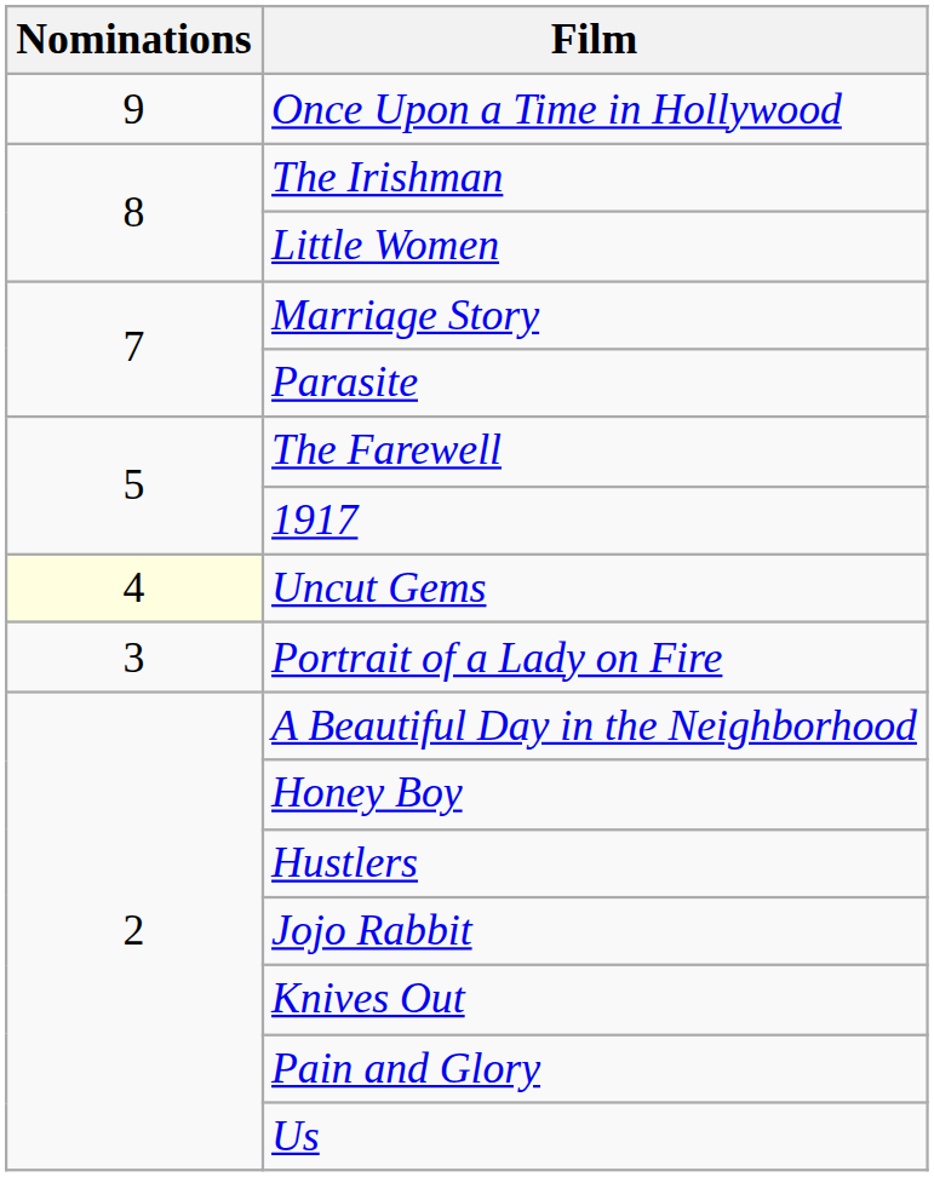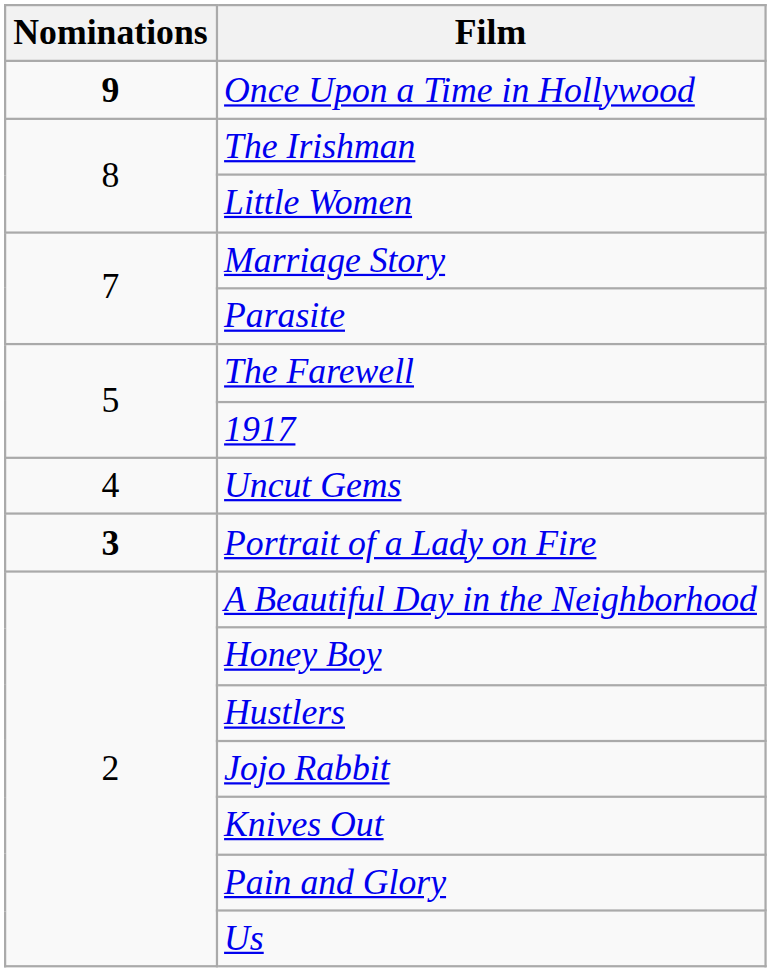 <table class="wikitable">
 <tr>
 <th>Nominations</th>
 <th>Film</th>
 </tr>
 <tr>
-<td style="text-align:center;">9</td>
+<td style="text-align:center;"><strong>9</strong></td>
 <td><em><a href='#'>Once Upon a Time in Hollywood</a></em></td>
 </tr>
 <tr>
 <td style="text-align:center;" rowspan="2">8</td>
 <td><em><a href='#'>The Irishman</a></em></td>
 </tr>
 <tr>
 <td><em><a href='#'>Little Women</a></em></td>
 </tr>
 <tr>
 <td rowspan="2" style="text-align:center;">7</td>
 <td><em><a href='#'>Marriage Story</a></em></td>
 </tr>
 <tr>
 <td><em><a href='#'>Parasite</a></em></td>
 </tr>
 <tr>
 <td rowspan="2" style="text-align:center;">5</td>
 <td><em><a href='#'>The Farewell</a></em></td>
 </tr>
 <tr>
 <td><em><a href='#'>1917</a></em></td>
 </tr>
 <tr>
-<td style="background: lightyellow; text-align:center;">4</td>
+<td style="text-align:center;">4</td>
 <td><em><a href='#'>Uncut Gems</a></em></td>
 </tr>
 <tr>
-<td style="text-align:center;">3</td>
+<td style="text-align:center;"><strong>3</strong></td>
 <td><em><a href='#'>Portrait of a Lady on Fire</a></em></td>
 </tr>
 <tr>
 <td rowspan="7" style="text-align:center;">2</td>
 <td><em><a href='#'>A Beautiful Day in the Neighborhood</a></em></td>
 </tr>
 <tr>
 <td><em><a href='#'>Honey Boy</a></em></td>
 </tr>
 <tr>
 <td><em><a href='#'>Hustlers</a></em></td>
 </tr>
 <tr>
 <td><em><a href='#'>Jojo Rabbit</a></em></td>
 </tr>
 <tr>
 <td><em><a href='#'>Knives Out</a></em></td>
 </tr>
 <tr>
 <td><em><a href='#'>Pain and Glory</a></em></td>
 </tr>
 <tr>
 <td><em><a href='#'>Us</a></em></td>
 </tr>
 </table>
